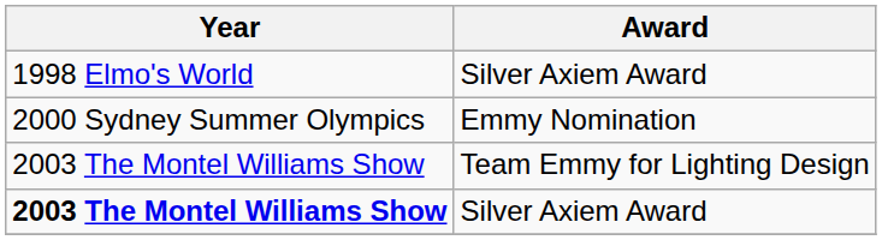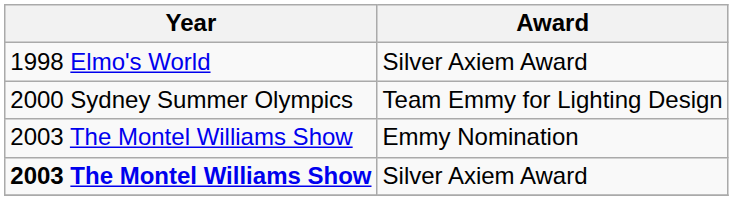 <table class="wikitable">
 <tr>
 <th>Year</th>
 <th>Award</th>
 </tr>
 <tr>
 <td>1998 <a href='#'>Elmo's World</a></td>
 <td>Silver Axiem Award</td>
 </tr>
 <tr>
 <td>2000 Sydney Summer Olympics</td>
-<td>Emmy Nomination</td>
+<td>Team Emmy for Lighting Design</td>
 </tr>
 <tr>
 <td>2003 <a href='#'>The Montel Williams Show</a></td>
-<td>Team Emmy for Lighting Design</td>
+<td>Emmy Nomination</td>
 </tr>
 <tr>
 <td><strong>2003 <a href='#'>The Montel Williams Show</a></strong></td>
 <td>Silver Axiem Award</td>
 </tr>
 <tr>
 </tr>
 </table>
